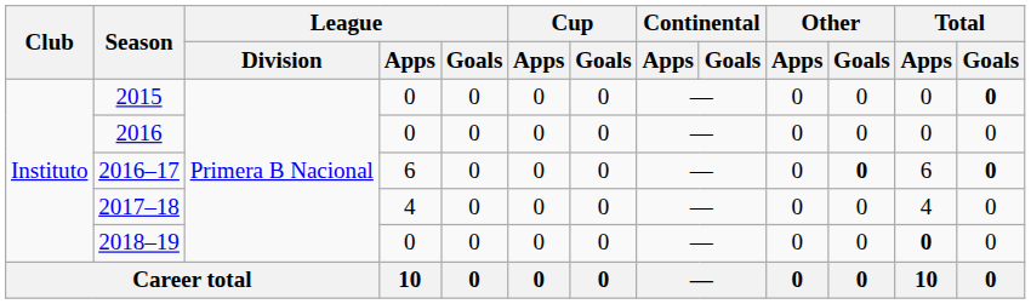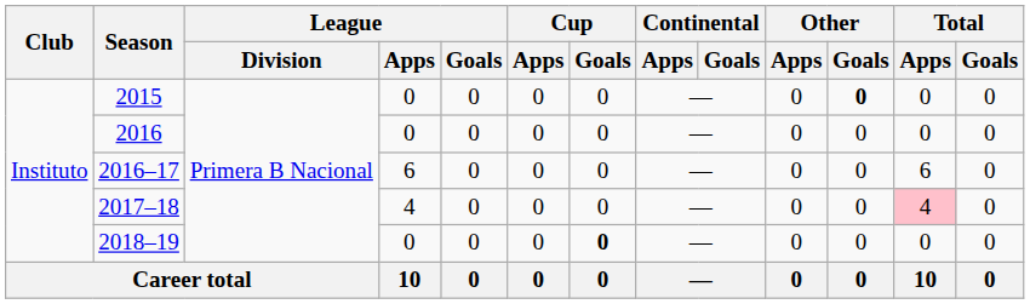 <table class="wikitable" style="text-align:center">
 <tr>
 <th rowspan="2">Club</th>
 <th rowspan="2">Season</th>
 <th colspan="3">League</th>
 <th colspan="2">Cup</th>
 <th colspan="2">Continental</th>
 <th colspan="2">Other</th>
 <th colspan="2">Total</th>
 </tr>
 <tr>
 <th>Division</th>
 <th>Apps</th>
 <th>Goals</th>
 <th>Apps</th>
 <th>Goals</th>
 <th>Apps</th>
 <th>Goals</th>
 <th>Apps</th>
 <th>Goals</th>
 <th>Apps</th>
 <th>Goals</th>
 </tr>
 <tr>
 <td rowspan="5"><a href='#'>Instituto</a></td>
 <td><a href='#'>2015</a></td>
 <td rowspan="5"><a href='#'>Primera B Nacional</a></td>
 <td>0</td>
 <td>0</td>
 <td>0</td>
 <td>0</td>
 <td colspan="2">—</td>
 <td>0</td>
+<td><strong>0</strong></td>
 <td>0</td>
 <td>0</td>
-<td><strong>0</strong></td>
 </tr>
 <tr>
 <td><a href='#'>2016</a></td>
 <td>0</td>
 <td>0</td>
 <td>0</td>
 <td>0</td>
 <td colspan="2">—</td>
 <td>0</td>
 <td>0</td>
 <td>0</td>
 <td>0</td>
 </tr>
 <tr>
 <td><a href='#'>2016–17</a></td>
 <td>6</td>
 <td>0</td>
 <td>0</td>
 <td>0</td>
 <td colspan="2">—</td>
 <td>0</td>
-<td><strong>0</strong></td>
+<td>0</td>
 <td>6</td>
-<td><strong>0</strong></td>
+<td>0</td>
 </tr>
 <tr>
 <td><a href='#'>2017–18</a></td>
 <td>4</td>
 <td>0</td>
 <td>0</td>
 <td>0</td>
 <td colspan="2">—</td>
 <td>0</td>
 <td>0</td>
-<td>4</td>
+<td style="background: pink;">4</td>
 <td>0</td>
 </tr>
 <tr>
 <td><a href='#'>2018–19</a></td>
 <td>0</td>
 <td>0</td>
 <td>0</td>
-<td>0</td>
+<td><strong>0</strong></td>
 <td colspan="2">—</td>
 <td>0</td>
 <td>0</td>
-<td><strong>0</strong></td>
+<td>0</td>
 <td>0</td>
 </tr>
 <tr>
 <th colspan="3">Career total</th>
 <th>10</th>
 <th>0</th>
 <th>0</th>
 <th>0</th>
 <th colspan="2">—</th>
 <th>0</th>
 <th>0</th>
 <th>10</th>
 <th>0</th>
 </tr>
 </table>
